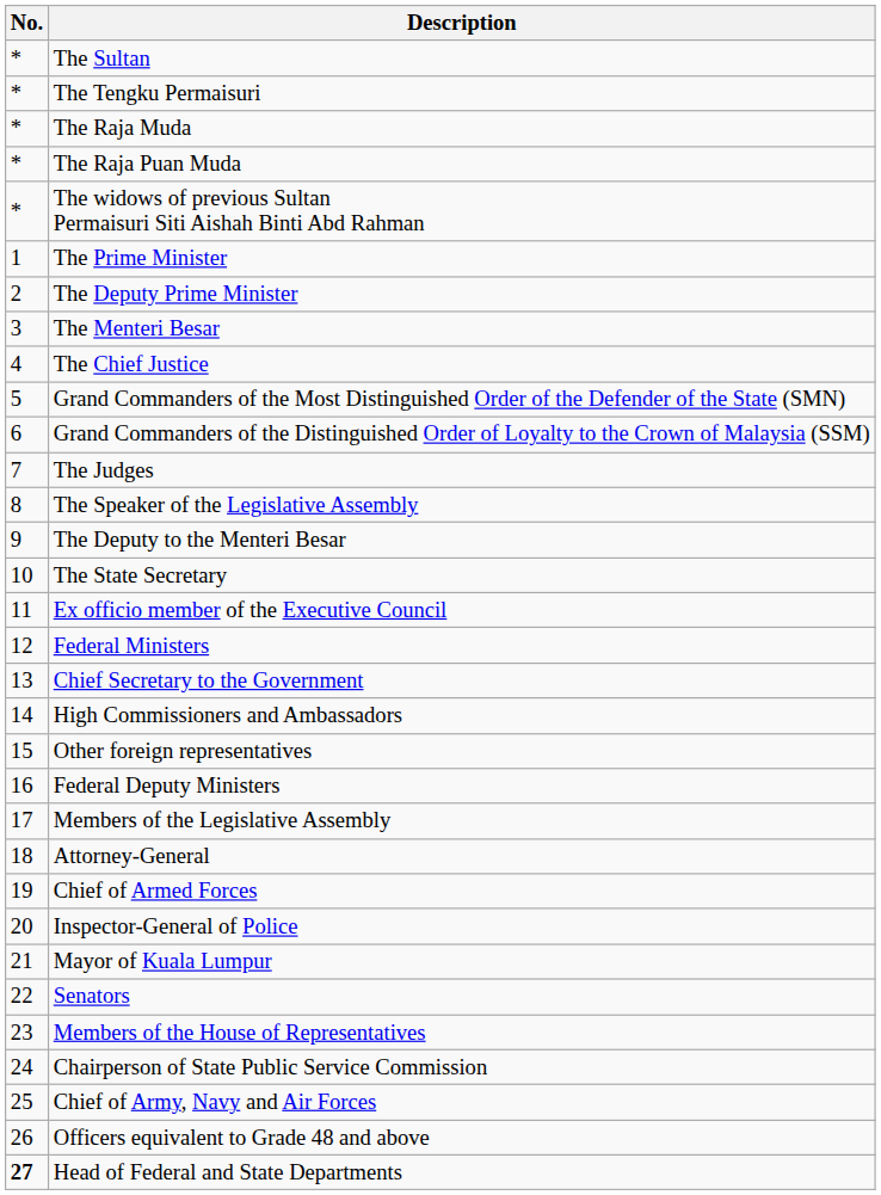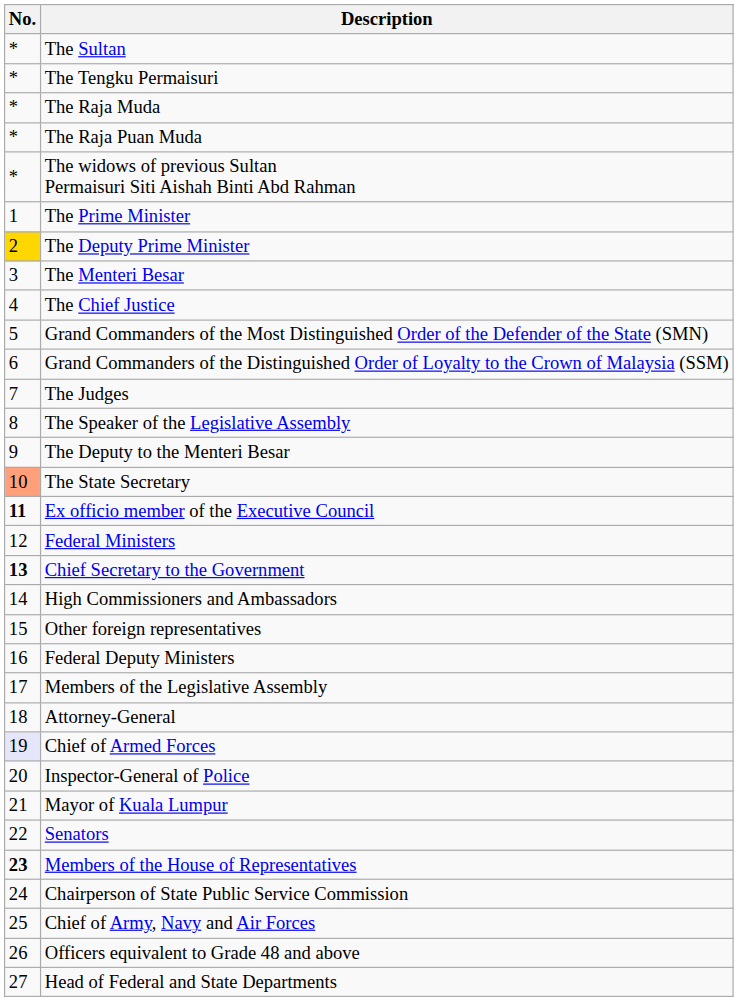 <table class="wikitable">
 <tr>
 <th>No.</th>
 <th>Description</th>
 </tr>
 <tr>
 <td>*</td>
 <td>The <a href='#'>Sultan</a></td>
 </tr>
 <tr>
 <td>*</td>
 <td>The Tengku Permaisuri</td>
 </tr>
 <tr>
 <td>*</td>
 <td>The Raja Muda</td>
 </tr>
 <tr>
 <td>*</td>
 <td>The Raja Puan Muda</td>
 </tr>
 <tr>
 <td>*</td>
 <td>The widows of previous Sultan<br>Permaisuri Siti Aishah Binti Abd Rahman</td>
 </tr>
 <tr>
 <td>1</td>
 <td>The <a href='#'>Prime Minister</a></td>
 </tr>
 <tr>
-<td>2</td>
+<td style="background: gold;">2</td>
 <td>The <a href='#'>Deputy Prime Minister</a></td>
 </tr>
 <tr>
 <td>3</td>
 <td>The <a href='#'>Menteri Besar</a></td>
 </tr>
 <tr>
 <td>4</td>
 <td>The <a href='#'>Chief Justice</a></td>
 </tr>
 <tr>
 <td>5</td>
 <td>Grand Commanders of the Most Distinguished <a href='#'>Order of the Defender of the State</a> (SMN)</td>
 </tr>
 <tr>
 <td>6</td>
 <td>Grand Commanders of the Distinguished <a href='#'>Order of Loyalty to the Crown of Malaysia</a> (SSM)</td>
 </tr>
 <tr>
 <td>7</td>
 <td>The Judges</td>
 </tr>
 <tr>
 <td>8</td>
 <td>The Speaker of the <a href='#'>Legislative Assembly</a></td>
 </tr>
 <tr>
 <td>9</td>
 <td>The Deputy to the Menteri Besar</td>
 </tr>
 <tr>
-<td>10</td>
+<td style="background: lightsalmon;">10</td>
 <td>The State Secretary</td>
 </tr>
 <tr>
-<td>11</td>
+<td><strong>11</strong></td>
 <td><a href='#'>Ex officio member</a> of the <a href='#'>Executive Council</a></td>
 </tr>
 <tr>
 <td>12</td>
 <td><a href='#'>Federal Ministers</a></td>
 </tr>
 <tr>
-<td>13</td>
+<td><strong>13</strong></td>
 <td><a href='#'>Chief Secretary to the Government</a></td>
 </tr>
 <tr>
 <td>14</td>
 <td>High Commissioners and Ambassadors</td>
 </tr>
 <tr>
 <td>15</td>
 <td>Other foreign representatives</td>
 </tr>
 <tr>
 <td>16</td>
 <td>Federal Deputy Ministers</td>
 </tr>
 <tr>
 <td>17</td>
 <td>Members of the Legislative Assembly</td>
 </tr>
 <tr>
 <td>18</td>
 <td>Attorney-General</td>
 </tr>
 <tr>
-<td>19</td>
+<td style="background: lavender;">19</td>
 <td>Chief of <a href='#'>Armed Forces</a></td>
 </tr>
 <tr>
 <td>20</td>
 <td>Inspector-General of <a href='#'>Police</a></td>
 </tr>
 <tr>
 <td>21</td>
 <td>Mayor of <a href='#'>Kuala Lumpur</a></td>
 </tr>
 <tr>
 <td>22</td>
 <td><a href='#'>Senators</a></td>
 </tr>
 <tr>
-<td>23</td>
+<td><strong>23</strong></td>
 <td><a href='#'>Members of the House of Representatives</a></td>
 </tr>
 <tr>
 <td>24</td>
 <td>Chairperson of State Public Service Commission</td>
 </tr>
 <tr>
 <td>25</td>
 <td>Chief of <a href='#'>Army</a>, <a href='#'>Navy</a> and <a href='#'>Air Forces</a></td>
 </tr>
 <tr>
 <td>26</td>
 <td>Officers equivalent to Grade 48 and above</td>
 </tr>
 <tr>
-<td><strong>27</strong></td>
+<td>27</td>
 <td>Head of Federal and State Departments</td>
 </tr>
 </table>
